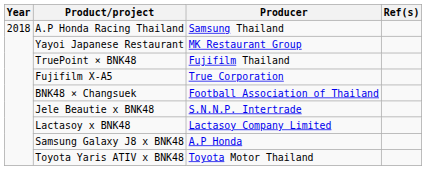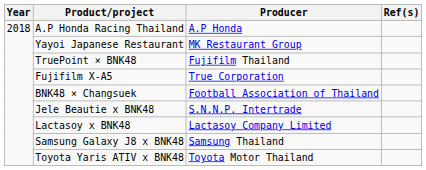 <table class="wikitable" style="text-align:left; ">
 <tr style="vertical-align:top;">
 <th>Year</th>
 <th>Product/project</th>
 <th>Producer</th>
 <th>Ref(s)</th>
 </tr>
 <tr style="vertical-align:top;">
 <td rowspan="9">2018</td>
 <td>A.P Honda Racing Thailand</td>
-<td><a href='#'>Samsung</a> Thailand</td>
+<td><a href='#'>A.P Honda</a></td>
 <td></td>
 </tr>
 <tr style="vertical-align:top;">
 <td>Yayoi Japanese Restaurant</td>
 <td><a href='#'>MK Restaurant Group</a></td>
 <td></td>
 </tr>
 <tr style="vertical-align:top;">
 <td>TruePoint × BNK48</td>
 <td><a href='#'>Fujifilm</a> Thailand</td>
 <td></td>
 </tr>
 <tr style="vertical-align:top;">
 <td>Fujifilm X-A5</td>
 <td><a href='#'>True Corporation</a></td>
 <td></td>
 </tr>
 <tr style="vertical-align:top;">
 <td>BNK48 × Changsuek</td>
 <td><a href='#'>Football Association of Thailand</a></td>
 <td></td>
 </tr>
 <tr style="vertical-align:top;">
 <td>Jele Beautie x BNK48</td>
 <td><a href='#'>S.N.N.P. Intertrade</a></td>
 <td></td>
 </tr>
 <tr style="vertical-align:top;">
 <td>Lactasoy x BNK48</td>
 <td><a href='#'>Lactasoy Company Limited</a></td>
 <td></td>
 </tr>
 <tr style="vertical-align:top;">
 <td>Samsung Galaxy J8 x BNK48</td>
-<td><a href='#'>A.P Honda</a></td>
+<td><a href='#'>Samsung</a> Thailand</td>
 <td></td>
 </tr>
 <tr>
 <td>Toyota Yaris ATIV x BNK48</td>
 <td><a href='#'>Toyota</a> Motor Thailand</td>
 <td></td>
 </tr>
 </table>
